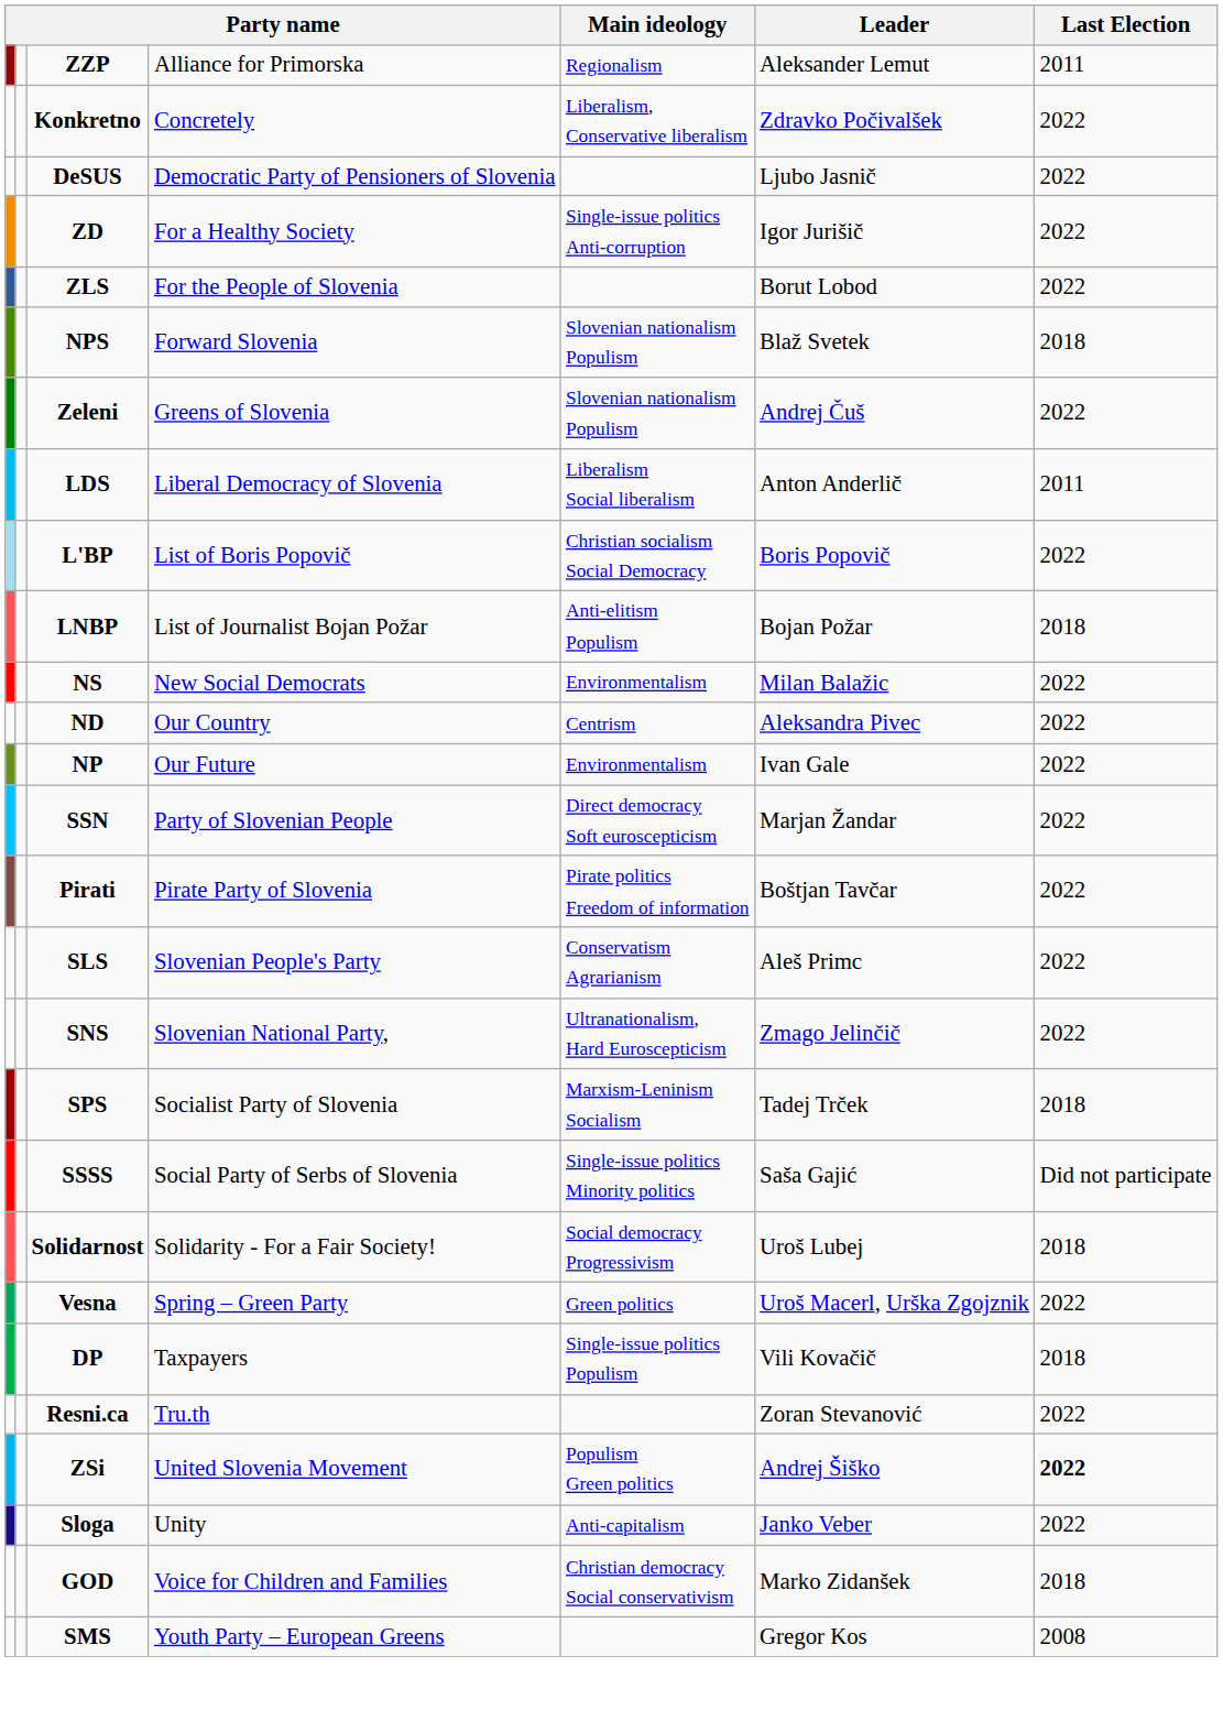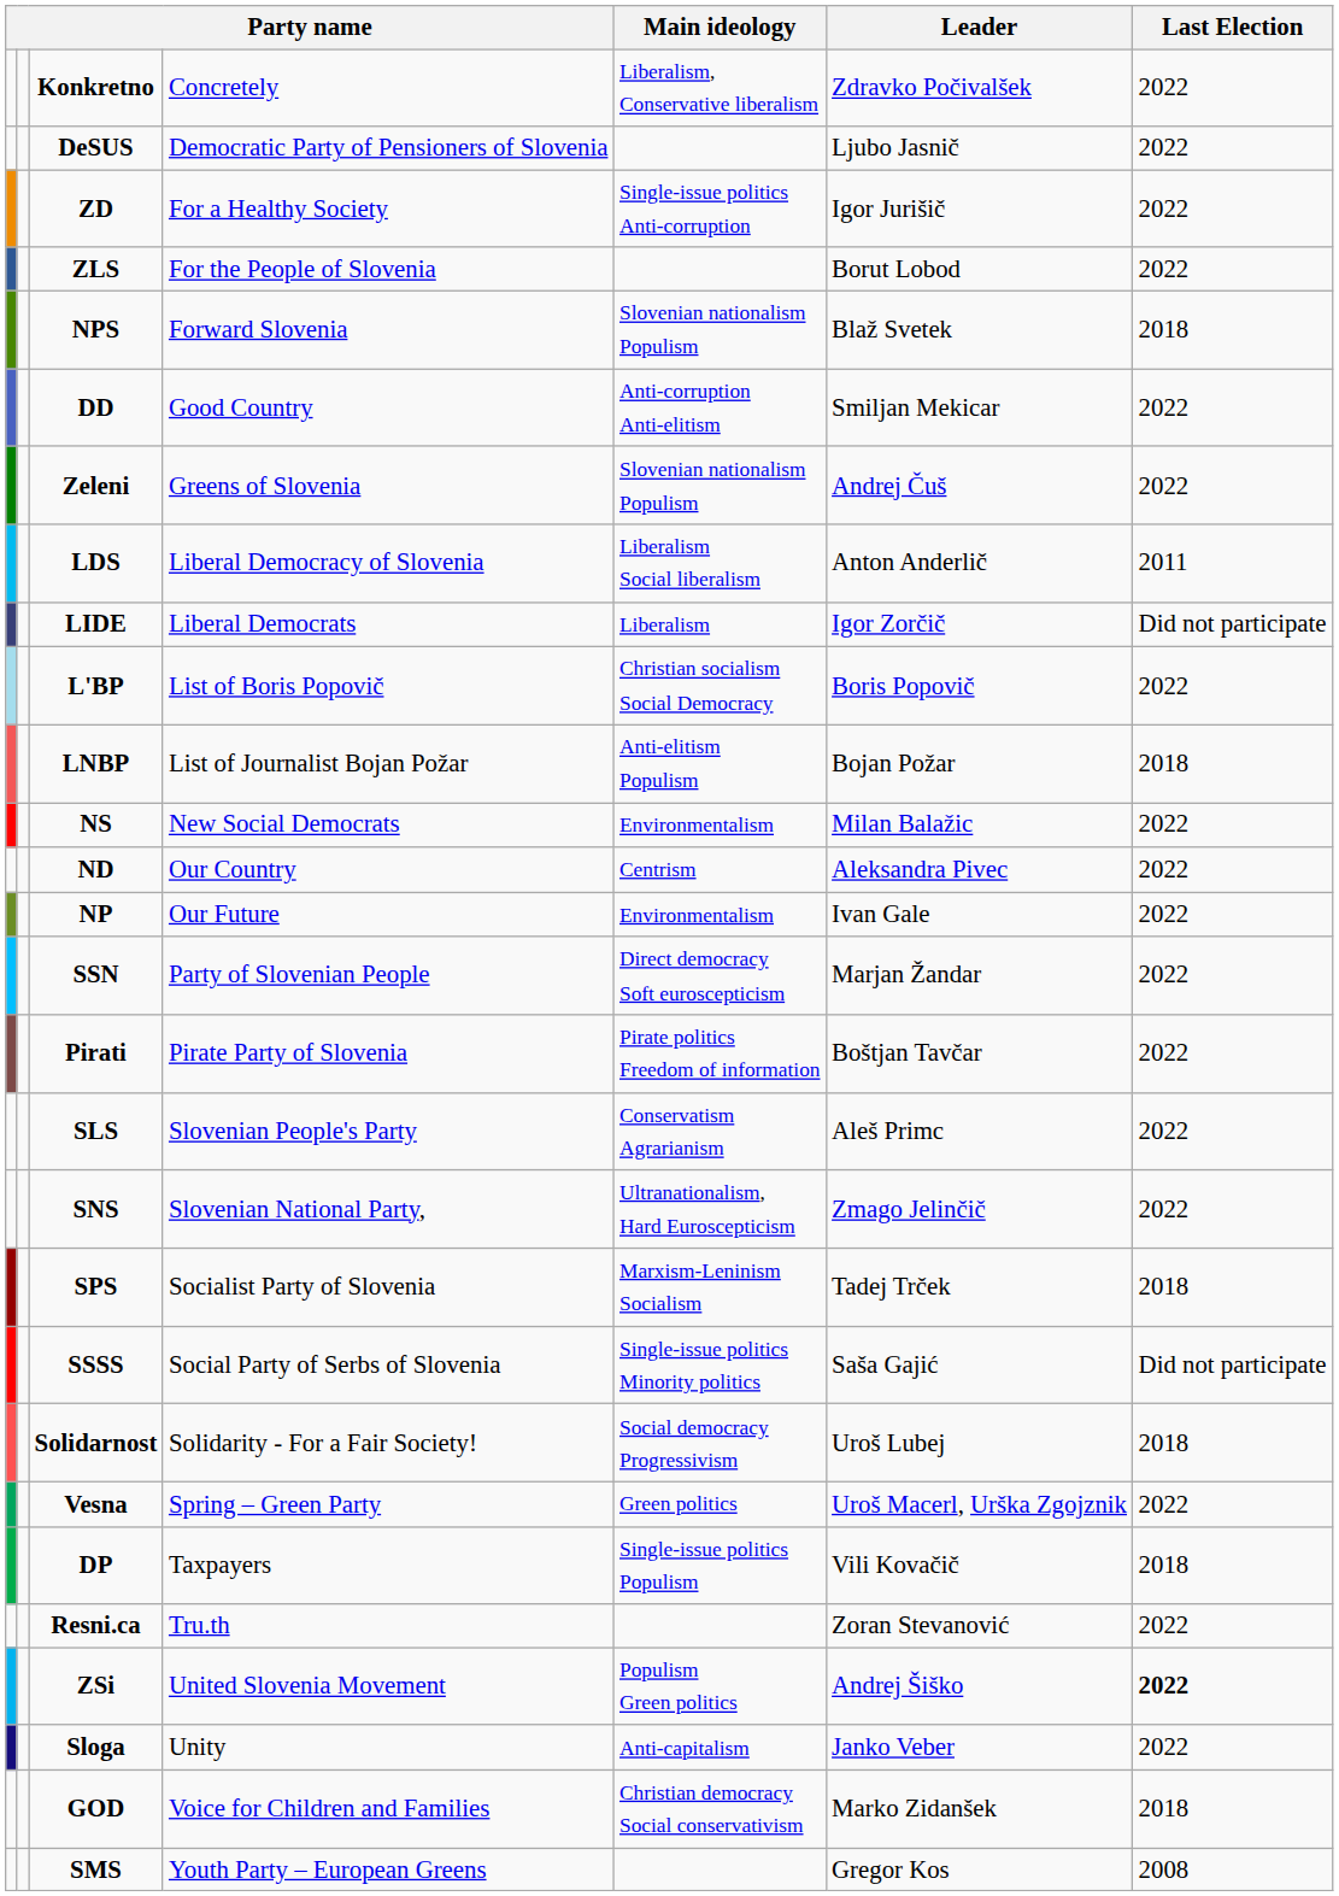 <table class="wikitable collapsible collapsed" style="text-align:left;  line-height:126%; margin-bottom:0">
 <tr>
 <th colspan="4" width=300>Party name</th>
 <th>Main ideology</th>
 <th>Leader</th>
 <th>Last Election</th>
-</tr>
-<tr>
-<td style="background:#8e0707"></td>
-<td></td>
-<td style="text-align:center;"><strong>ZZP</strong></td>
-<td>Alliance for Primorska<br></td>
-<td><small><a href='#'>Regionalism</a></small></td>
-<td>Aleksander Lemut</td>
-<td>2011</td>
 </tr>
 <tr>
 <td style="background:"></td>
 <td></td>
 <td style="text-align:center;"><strong>Konkretno</strong></td>
 <td><a href='#'>Concretely</a> <br></td>
 <td><small><a href='#'>Liberalism</a>,  <br><a href='#'>Conservative liberalism</a></small></td>
 <td><a href='#'>Zdravko Počivalšek</a></td>
 <td>2022</td>
 </tr>
 <tr>
 <td style="background:"></td>
 <td></td>
 <td style="text-align:center;"><strong>DeSUS</strong></td>
 <td><a href='#'>Democratic Party of Pensioners of Slovenia</a><br></td>
 <td><small></small></td>
 <td>Ljubo Jasnič</td>
 <td>2022</td>
 </tr>
 <tr>
 <td style="background:#ef8c00"></td>
 <td></td>
 <td style="text-align:center;"><strong>ZD</strong></td>
 <td><a href='#'>For a Healthy Society</a><br></td>
 <td><a href='#'><small>Single-issue politics</small></a><br><a href='#'><small>Anti-corruption</small></a></td>
 <td>Igor Jurišič</td>
 <td>2022</td>
 </tr>
 <tr>
 <td style="background:#2E5894"></td>
 <td></td>
 <td style="text-align:center;"><strong>ZLS</strong></td>
 <td><a href='#'>For the People of Slovenia</a><br></td>
 <td></td>
 <td>Borut Lobod</td>
 <td>2022</td>
 </tr>
 <tr>
 <td style="background:#488700"></td>
 <td></td>
 <td style="text-align:center;"><strong>NPS</strong></td>
 <td><a href='#'>Forward Slovenia</a><br></td>
 <td><small><a href='#'>Slovenian nationalism</a></small><br><small><a href='#'>Populism</a></small></td>
 <td>Blaž Svetek</td>
 <td>2018</td>
 </tr>
 <tr>
+<td style="background:#4961c1"></td>
+<td></td>
+<td style="text-align:center;"><strong>DD</strong></td>
+<td><a href='#'>Good Country</a><br></td>
+<td><a href='#'><small>Anti-corruption</small></a><small><br><a href='#'>Anti-elitism</a></small></td>
+<td>Smiljan Mekicar</td>
+<td>2022</td>
+</tr>
+<tr>
 <td style="background:green"></td>
 <td></td>
 <td style="text-align:center;"><strong>Zeleni</strong></td>
 <td><a href='#'>Greens of Slovenia</a><br></td>
 <td><small><a href='#'>Slovenian nationalism</a></small><br><small><a href='#'>Populism</a></small></td>
 <td><a href='#'>Andrej Čuš</a></td>
 <td>2022</td>
 </tr>
 <tr>
 <td style="background:#00BBF0"></td>
 <td></td>
 <td style="text-align:center;"><strong>LDS</strong></td>
 <td><a href='#'>Liberal Democracy of Slovenia</a><br></td>
 <td><a href='#'><small>Liberalism</small></a><br><a href='#'><small>Social liberalism</small></a></td>
 <td>Anton Anderlič</td>
 <td>2011</td>
+</tr>
+<tr>
+<td style="background:#383F78"></td>
+<td></td>
+<td style="text-align:center;"><strong>LIDE</strong></td>
+<td><a href='#'>Liberal Democrats</a><br></td>
+<td><small><a href='#'>Liberalism</a></small></td>
+<td><a href='#'>Igor Zorčič</a></td>
+<td>Did not participate</td>
 </tr>
 <tr>
 <td style="background:#A4DDED"></td>
 <td></td>
 <td style="text-align:center;"><strong>L'BP</strong></td>
 <td><a href='#'>List of Boris Popovič</a><br></td>
 <td><a href='#'><small>Christian socialism</small></a><br><a href='#'><small>Social Democracy</small></a></td>
 <td><a href='#'>Boris Popovič</a></td>
 <td>2022</td>
 </tr>
 <tr>
 <td style="background:#f45858"></td>
 <td></td>
 <td style="text-align:center;"><strong>LNBP</strong></td>
 <td>List of Journalist Bojan Požar<br></td>
 <td><a href='#'><small>Anti-elitism</small></a><br><small><a href='#'>Populism</a></small></td>
 <td>Bojan Požar</td>
 <td>2018</td>
 </tr>
 <tr>
 <td style="background:red"></td>
 <td></td>
 <td style="text-align:center;"><strong>NS</strong></td>
 <td><a href='#'>New Social Democrats</a><br></td>
 <td><small><a href='#'>Environmentalism</a></small></td>
 <td><a href='#'>Milan Balažic</a></td>
 <td>2022</td>
 </tr>
 <tr>
 <td style="background:"></td>
 <td></td>
 <td style="text-align:center;"><strong>ND</strong></td>
 <td><a href='#'>Our Country</a><br></td>
 <td><small><a href='#'>Centrism</a></small></td>
 <td><a href='#'>Aleksandra Pivec</a></td>
 <td>2022</td>
 </tr>
 <tr>
 <td style="background:#6B8E23"></td>
 <td></td>
 <td style="text-align:center;"><strong>NP</strong></td>
 <td><a href='#'>Our Future</a><br></td>
 <td><small><a href='#'>Environmentalism</a></small></td>
 <td>Ivan Gale</td>
 <td>2022</td>
 </tr>
 <tr>
 <td style="background:#00BFFF"></td>
 <td></td>
 <td style="text-align:center;"><strong>SSN</strong></td>
 <td><a href='#'>Party of Slovenian People</a><br></td>
 <td><a href='#'><small>Direct democracy</small></a><br><a href='#'><small>Soft euroscepticism</small></a></td>
 <td>Marjan Žandar</td>
 <td>2022</td>
 </tr>
 <tr>
 <td style="background:#7D4A48"></td>
 <td></td>
 <td style="text-align:center;"><strong>Pirati</strong></td>
 <td><a href='#'>Pirate Party of Slovenia</a><br></td>
 <td><a href='#'><small>Pirate politics</small></a><br><a href='#'><small>Freedom of information</small></a></td>
 <td>Boštjan Tavčar</td>
 <td>2022</td>
 </tr>
 <tr>
 <td style="background:"></td>
 <td></td>
 <td style="text-align:center;"><strong>SLS</strong></td>
 <td><a href='#'>Slovenian People's Party</a><br></td>
 <td><a href='#'><small>Conservatism</small></a><br><a href='#'><small>Agrarianism</small></a></td>
 <td>Aleš Primc</td>
 <td>2022</td>
 </tr>
 <tr>
 <td style="background:"></td>
 <td></td>
 <td style="text-align:center;"><strong>SNS</strong></td>
 <td><a href='#'>Slovenian National Party</a>,  <br></td>
 <td><small><a href='#'>Ultranationalism</a>,  <br><a href='#'>Hard Euroscepticism</a></small></td>
 <td><a href='#'>Zmago Jelinčič</a></td>
 <td>2022</td>
 </tr>
 <tr>
 <td style="background:#950000"></td>
 <td></td>
 <td style="text-align:center;"><strong>SPS</strong></td>
 <td>Socialist Party of Slovenia<br></td>
 <td><a href='#'><small>Marxism-Leninism</small></a><br><a href='#'><small>Socialism</small></a></td>
 <td>Tadej Trček</td>
 <td>2018</td>
 </tr>
 <tr>
 <td style="background:red"></td>
 <td></td>
 <td style="text-align:center;"><strong>SSSS</strong></td>
 <td>Social Party of Serbs of Slovenia<br></td>
 <td><a href='#'><small>Single-issue politics</small></a><br><small><a href='#'>Minority politics</a></small></td>
 <td>Saša Gajić</td>
 <td>Did not participate</td>
 </tr>
 <tr>
 <td style="background:#ff5151"></td>
 <td></td>
 <td style="text-align:center;"><strong>Solidarnost</strong></td>
 <td>Solidarity - For a Fair Society!<br></td>
 <td><a href='#'><small>Social democracy</small></a><br><a href='#'><small>Progressivism</small></a></td>
 <td>Uroš Lubej</td>
 <td>2018</td>
 </tr>
 <tr>
 <td style="background:#00A65E"></td>
 <td></td>
 <td style="text-align:center;"><strong>Vesna</strong></td>
 <td><a href='#'>Spring – Green Party</a><br></td>
 <td><small><a href='#'>Green politics</a></small></td>
 <td><a href='#'>Uroš Macerl</a>, <a href='#'>Urška Zgojznik</a></td>
 <td>2022</td>
 </tr>
 <tr>
 <td style="background:#00ad4b"></td>
 <td></td>
 <td style="text-align:center;"><strong>DP</strong></td>
 <td>Taxpayers<br></td>
 <td><a href='#'><small>Single-issue politics</small></a><br><small><a href='#'>Populism</a></small></td>
 <td>Vili Kovačič</td>
 <td>2018</td>
 </tr>
 <tr>
 <td style="background:"></td>
 <td></td>
 <td style="text-align:center;"><strong>Resni.ca</strong></td>
 <td><a href='#'>Tru.th</a><br></td>
 <td></td>
 <td>Zoran Stevanović</td>
 <td>2022</td>
 </tr>
 <tr>
 <td style="background:#00b3ef"></td>
 <td></td>
 <td style="text-align:center;"><strong>ZSi</strong></td>
 <td><a href='#'>United Slovenia Movement</a><br></td>
 <td><small><a href='#'>Populism</a><br><a href='#'>Green politics</a></small></td>
 <td><a href='#'>Andrej Šiško</a></td>
 <td><strong>2022</strong></td>
 </tr>
 <tr>
 <td style="background:#150c7c"></td>
 <td></td>
 <td style="text-align:center;"><strong>Sloga</strong></td>
 <td>Unity<br></td>
 <td><small><a href='#'>Anti-capitalism</a></small></td>
 <td><a href='#'>Janko Veber</a></td>
 <td>2022</td>
 </tr>
 <tr>
 <td style="background:"></td>
 <td></td>
 <td style="text-align:center;"><strong>GOD</strong></td>
 <td><a href='#'>Voice for Children and Families</a><br></td>
 <td><a href='#'><small>Christian democracy</small></a><br><a href='#'><small>Social conservativism</small></a></td>
 <td>Marko Zidanšek</td>
 <td>2018</td>
 </tr>
 <tr>
 <td style="background:"></td>
 <td></td>
 <td style="text-align:center;"><strong>SMS</strong></td>
 <td><a href='#'>Youth Party – European Greens</a><br></td>
 <td></td>
 <td>Gregor Kos</td>
 <td>2008</td>
 </tr>
 </table>
